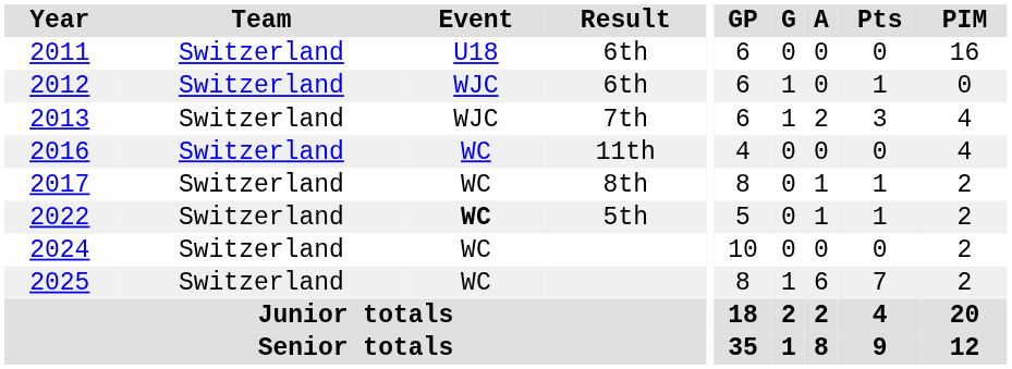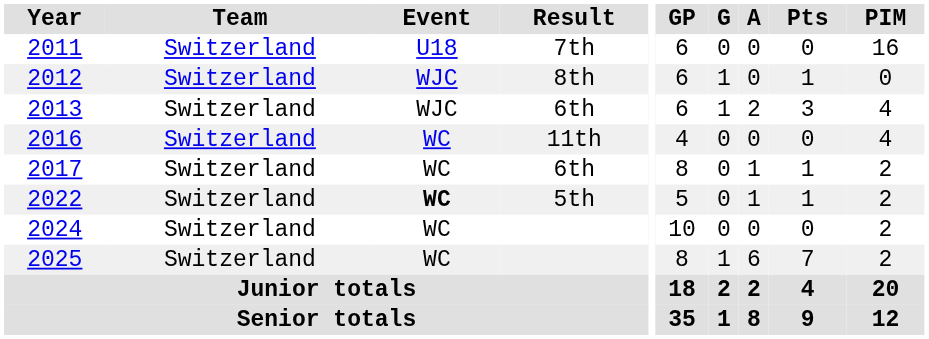 <table border="0" cellpadding="1" cellspacing="0" ID="Table3" style="text-align:center; width:40em">
 <tr ALIGN="center" bgcolor="#e0e0e0">
 <th>Year</th>
 <th>Team</th>
 <th>Event</th>
 <th>Result</th>
 <th rowspan="99" bgcolor="#ffffff"></th>
 <th>GP</th>
 <th>G</th>
 <th>A</th>
 <th>Pts</th>
 <th>PIM</th>
 </tr>
 <tr>
 <td><a href='#'>2011</a></td>
 <td><a href='#'>Switzerland</a></td>
 <td><a href='#'>U18</a></td>
-<td>6th</td>
+<td>7th</td>
 <td>6</td>
 <td>0</td>
 <td>0</td>
 <td>0</td>
 <td>16</td>
 </tr>
 <tr bgcolor="#f0f0f0">
 <td><a href='#'>2012</a></td>
 <td><a href='#'>Switzerland</a></td>
 <td><a href='#'>WJC</a></td>
-<td>6th</td>
+<td>8th</td>
 <td>6</td>
 <td>1</td>
 <td>0</td>
 <td>1</td>
 <td>0</td>
 </tr>
 <tr>
 <td><a href='#'>2013</a></td>
 <td>Switzerland</td>
 <td>WJC</td>
-<td>7th</td>
+<td>6th</td>
 <td>6</td>
 <td>1</td>
 <td>2</td>
 <td>3</td>
 <td>4</td>
 </tr>
 <tr bgcolor="#f0f0f0">
 <td><a href='#'>2016</a></td>
 <td><a href='#'>Switzerland</a></td>
 <td><a href='#'>WC</a></td>
 <td>11th</td>
 <td>4</td>
 <td>0</td>
 <td>0</td>
 <td>0</td>
 <td>4</td>
 </tr>
 <tr>
 <td><a href='#'>2017</a></td>
 <td>Switzerland</td>
 <td>WC</td>
-<td>8th</td>
+<td>6th</td>
 <td>8</td>
 <td>0</td>
 <td>1</td>
 <td>1</td>
 <td>2</td>
 </tr>
 <tr bgcolor="#f0f0f0">
 <td><a href='#'>2022</a></td>
 <td>Switzerland</td>
 <td><strong>WC</strong></td>
 <td>5th</td>
 <td>5</td>
 <td>0</td>
 <td>1</td>
 <td>1</td>
 <td>2</td>
 </tr>
 <tr>
 <td><a href='#'>2024</a></td>
 <td>Switzerland</td>
 <td>WC</td>
 <td></td>
 <td>10</td>
 <td>0</td>
 <td>0</td>
 <td>0</td>
 <td>2</td>
 </tr>
 <tr bgcolor="#f0f0f0">
 <td><a href='#'>2025</a></td>
 <td>Switzerland</td>
 <td>WC</td>
 <td></td>
 <td>8</td>
 <td>1</td>
 <td>6</td>
 <td>7</td>
 <td>2</td>
 </tr>
 <tr bgcolor="#e0e0e0">
 <th colspan="4">Junior totals</th>
 <th>18</th>
 <th>2</th>
 <th>2</th>
 <th>4</th>
 <th>20</th>
 </tr>
 <tr bgcolor="#e0e0e0">
 <th colspan="4">Senior totals</th>
 <th>35</th>
 <th>1</th>
 <th>8</th>
 <th>9</th>
 <th>12</th>
 </tr>
 </table>
